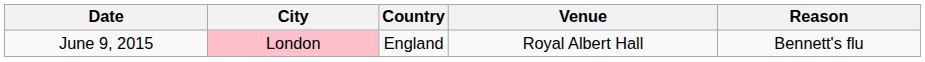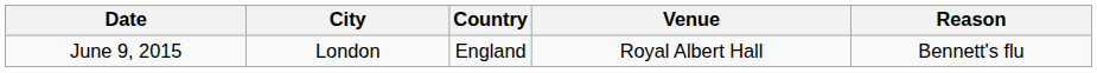 <table class="wikitable" style="text-align:center;">
 <tr>
 <th scope="col" style="width:12em;">Date</th>
 <th scope="col" style="width:10em;">City</th>
 <th>Country</th>
 <th scope="col" style="width:16em;">Venue</th>
 <th scope="col" style="width:12em;">Reason</th>
 </tr>
 <tr>
 <td>June 9, 2015</td>
-<td style="background: pink;">London</td>
+<td>London</td>
 <td>England</td>
 <td>Royal Albert Hall</td>
 <td>Bennett's flu</td>
 </tr>
 <tr>
 </tr>
 </table>
